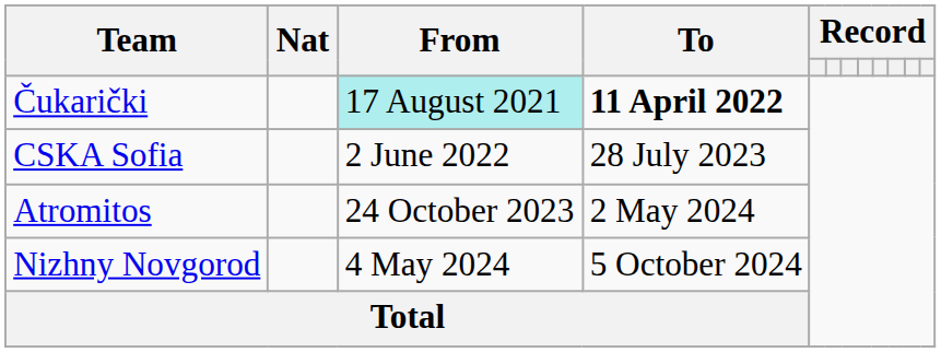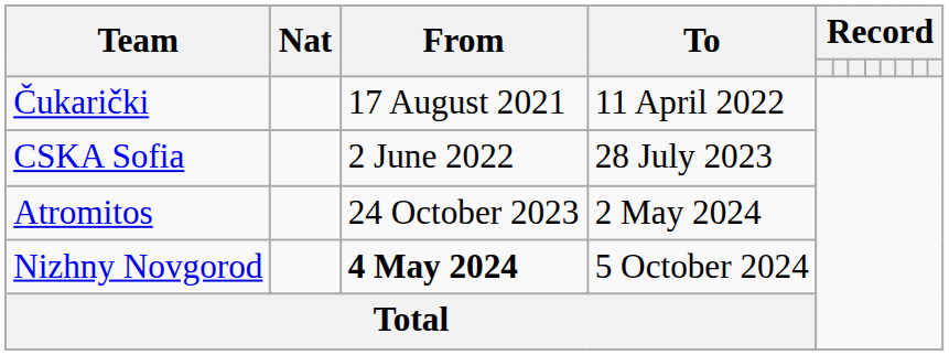 <table class="wikitable" style="text-align: center">
 <tr>
 <th rowspan="2">Team</th>
 <th rowspan="2">Nat</th>
 <th rowspan="2">From</th>
 <th rowspan="2">To</th>
 <th colspan="8">Record</th>
 </tr>
 <tr>
 <th></th>
 <th></th>
 <th></th>
 <th></th>
 <th></th>
 <th></th>
 <th></th>
 <th></th>
 </tr>
 <tr>
 <td align=left><a href='#'>Čukarički</a></td>
 <td></td>
-<td align=left style="background: paleturquoise;">17 August 2021</td>
-<td align=left><strong>11 April 2022<br></strong></td>
+<td align=left>17 August 2021</td>
+<td align=left>11 April 2022<br></td>
 </tr>
 <tr>
 <td align=left><a href='#'>CSKA Sofia</a></td>
 <td></td>
 <td align=left>2 June 2022</td>
 <td align=left>28 July 2023<br></td>
 </tr>
 <tr>
 <td align=left><a href='#'>Atromitos</a></td>
 <td></td>
 <td align=left>24 October 2023</td>
 <td align=left>2 May 2024<br></td>
 </tr>
 <tr>
 <td align=left><a href='#'>Nizhny Novgorod</a></td>
 <td></td>
-<td align=left>4 May 2024</td>
+<td align=left><strong>4 May 2024</strong></td>
 <td align=left>5 October 2024<br></td>
 </tr>
 <tr>
 <th colspan="4">Total<br></th>
 </tr>
 </table>
